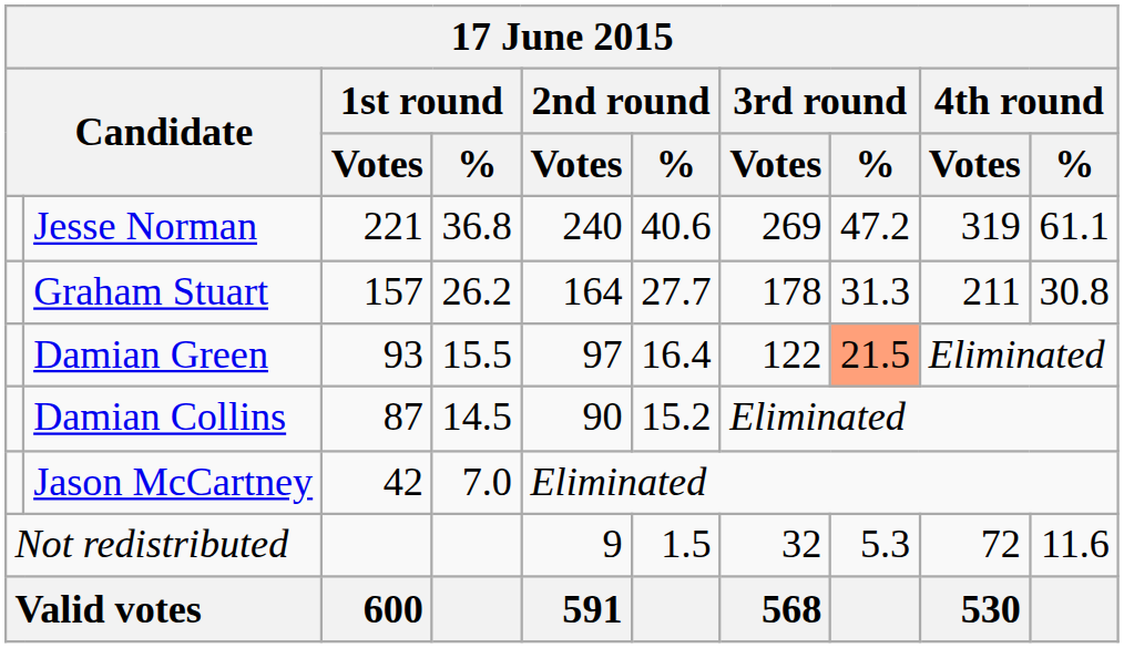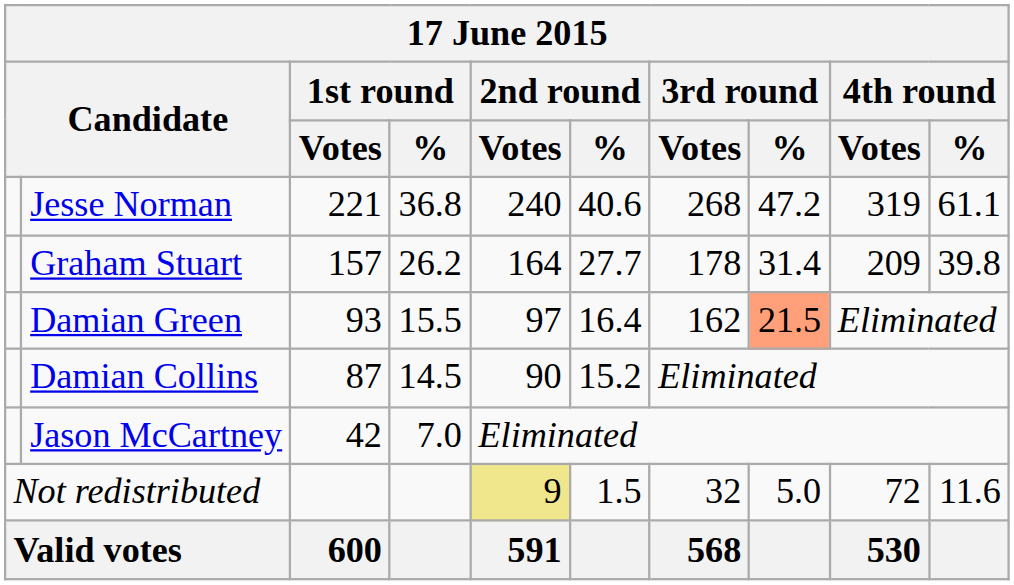 <table class="wikitable" style="min-width:250px">
 <tr>
 <th colspan="10">17 June 2015</th>
 </tr>
 <tr>
 <th colspan="2" rowspan="2">Candidate</th>
 <th colspan="2">1st round</th>
 <th colspan="2">2nd round</th>
 <th colspan="2">3rd round</th>
 <th colspan="2">4th round</th>
 </tr>
 <tr>
 <th>Votes</th>
 <th>%</th>
 <th>Votes</th>
 <th>%</th>
 <th>Votes</th>
 <th>%</th>
 <th>Votes</th>
 <th>%</th>
 </tr>
 <tr>
 <td style="color:inherit;background-color: "></td>
 <td><a href='#'>Jesse Norman</a></td>
 <td align="right">221</td>
 <td align="right">36.8</td>
 <td align="right">240</td>
 <td align="right">40.6</td>
-<td align="right">269</td>
+<td align="right">268</td>
 <td align="right">47.2</td>
 <td align="right">319</td>
 <td align="right">61.1</td>
 </tr>
 <tr>
 <td style="color:inherit;background-color: "></td>
 <td><a href='#'>Graham Stuart</a></td>
 <td align="right">157</td>
 <td align="right">26.2</td>
 <td align="right">164</td>
 <td align="right">27.7</td>
 <td align="right">178</td>
-<td align="right">31.3</td>
-<td align="right">211</td>
-<td align="right">30.8</td>
+<td align="right">31.4</td>
+<td align="right">209</td>
+<td align="right">39.8</td>
 </tr>
 <tr>
 <td style="color:inherit;background-color: "></td>
 <td><a href='#'>Damian Green</a></td>
 <td align="right">93</td>
 <td align="right">15.5</td>
 <td align="right">97</td>
 <td align="right">16.4</td>
-<td align="right">122</td>
+<td align="right">162</td>
 <td align="right" style="background: lightsalmon;">21.5</td>
 <td colspan="2"><em>Eliminated</em></td>
 </tr>
 <tr>
 <td style="color:inherit;background-color: "></td>
 <td><a href='#'>Damian Collins</a></td>
 <td align="right">87</td>
 <td align="right">14.5</td>
 <td align="right">90</td>
 <td align="right">15.2</td>
 <td colspan="4"><em>Eliminated</em></td>
 </tr>
 <tr>
 <td style="color:inherit;background-color: "></td>
 <td><a href='#'>Jason McCartney</a></td>
 <td align="right">42</td>
 <td align="right">7.0</td>
 <td colspan="6"><em>Eliminated</em></td>
 </tr>
 <tr>
 <td colspan="2"><em>Not redistributed</em></td>
 <td align="right"></td>
 <td align="right"></td>
-<td align="right">9</td>
+<td align="right" style="background: khaki;">9</td>
 <td align="right">1.5</td>
 <td align="right">32</td>
-<td align="right">5.3</td>
+<td align="right">5.0</td>
 <td align="right">72</td>
 <td align="right">11.6</td>
 </tr>
 <tr>
 <th style="text-align:left;" colspan="2"><strong>Valid votes</strong></th>
 <th style="text-align:right;">600</th>
 <th style="text-align:right;"></th>
 <th style="text-align:right;">591</th>
 <th style="text-align:right;"></th>
 <th style="text-align:right;">568</th>
 <th style="text-align:right;"></th>
 <th style="text-align:right;">530</th>
 <th style="text-align:right;"></th>
 </tr>
 </table>
